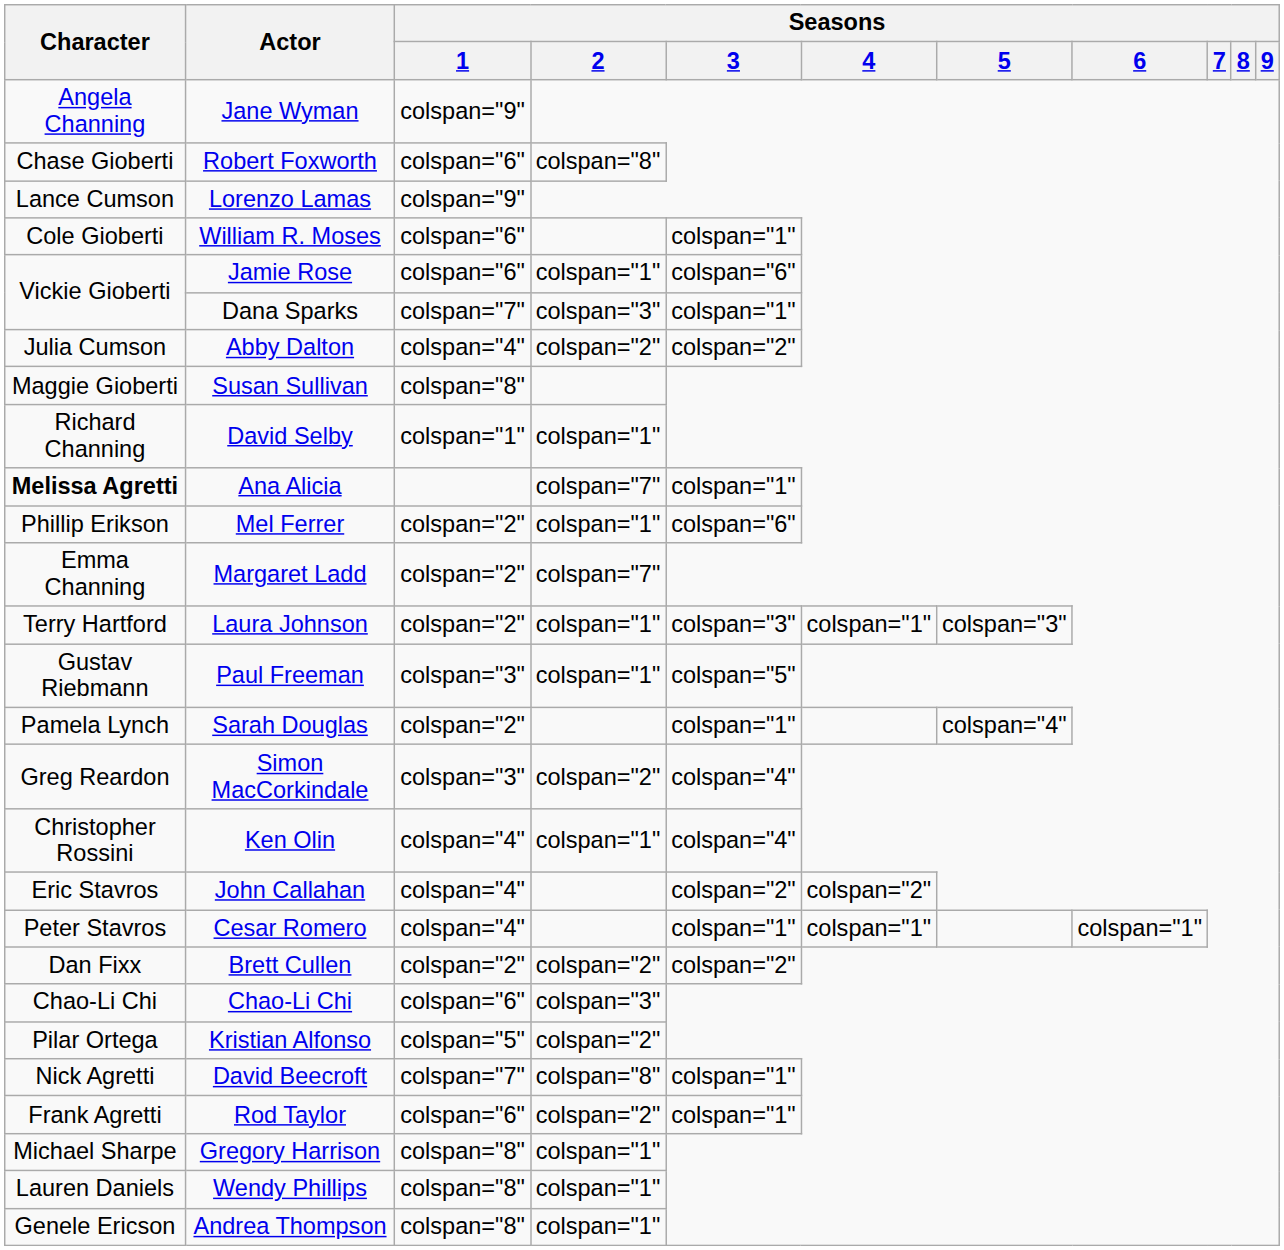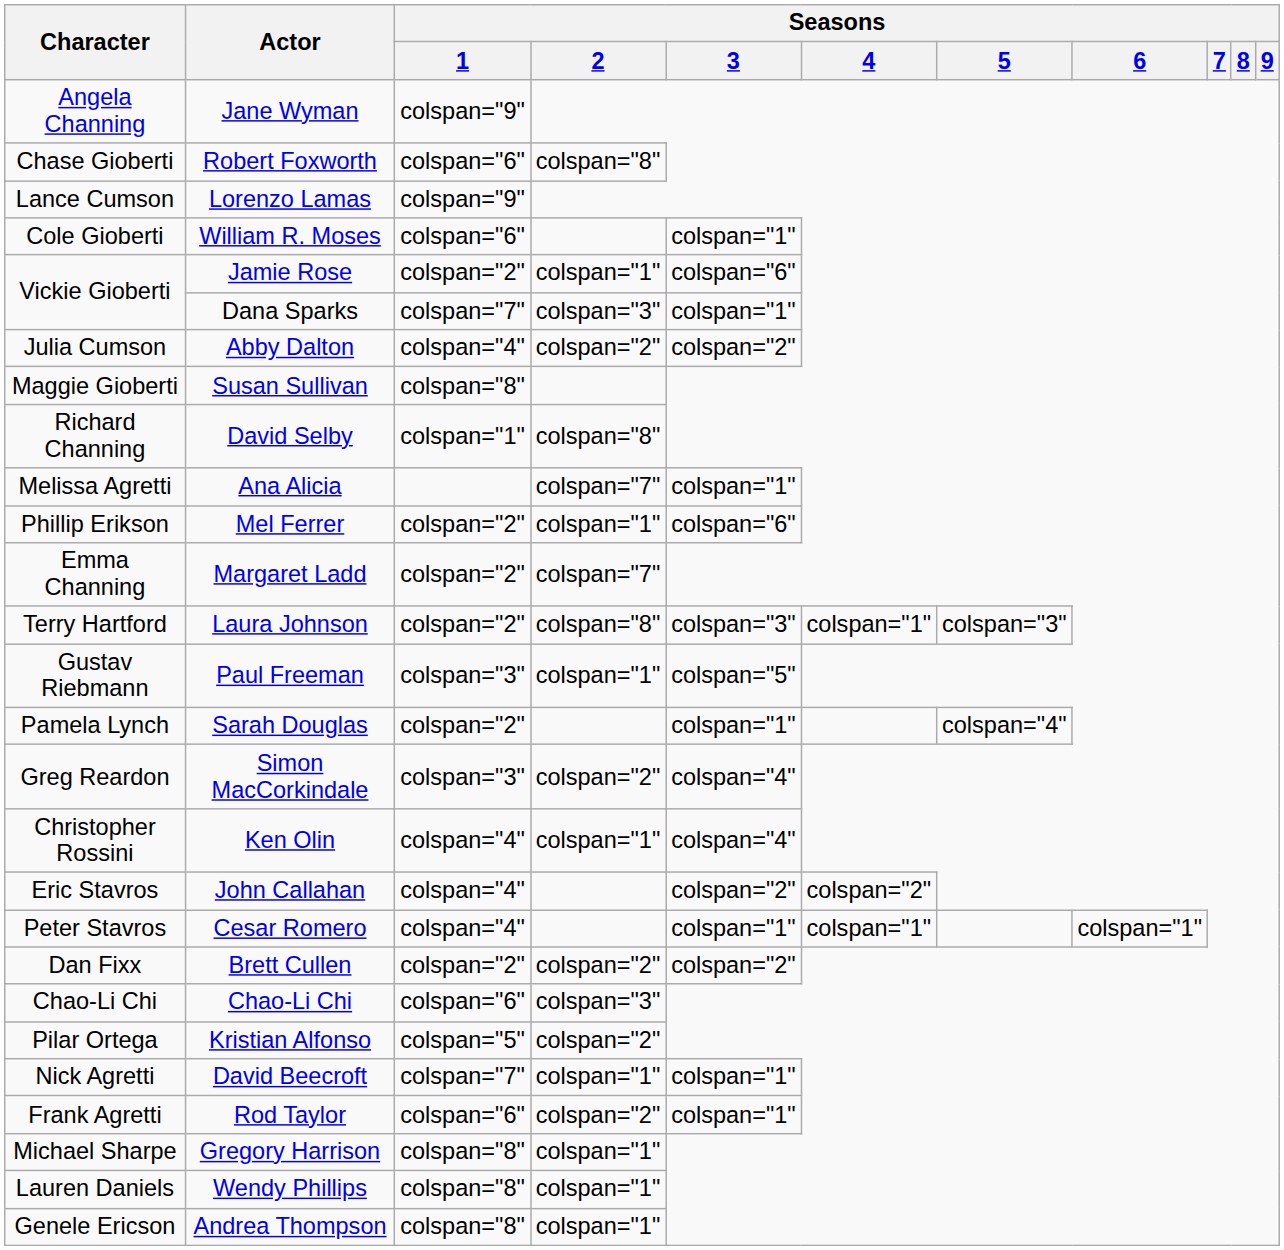 <table class="wikitable sortable" style="text-align:center">
 <tr>
 <th rowspan="2">Character</th>
 <th rowspan="2">Actor</th>
 <th colspan="15">Seasons</th>
 </tr>
 <tr>
 <th><a href='#'>1</a></th>
 <th><a href='#'>2</a></th>
 <th><a href='#'>3</a></th>
 <th><a href='#'>4</a></th>
 <th><a href='#'>5</a></th>
 <th><a href='#'>6</a></th>
 <th><a href='#'>7</a></th>
 <th><a href='#'>8</a></th>
 <th><a href='#'>9</a></th>
 </tr>
 <tr>
 <td><a href='#'>Angela Channing</a></td>
 <td><a href='#'>Jane Wyman</a></td>
 <td>colspan="9" </td>
 </tr>
 <tr>
 <td>Chase Gioberti</td>
 <td><a href='#'>Robert Foxworth</a></td>
 <td>colspan="6" </td>
 <td>colspan="8" </td>
 </tr>
 <tr>
 <td>Lance Cumson</td>
 <td><a href='#'>Lorenzo Lamas</a></td>
 <td>colspan="9" </td>
 </tr>
 <tr>
 <td>Cole Gioberti</td>
 <td><a href='#'>William R. Moses</a></td>
 <td>colspan="6" </td>
 <td></td>
 <td>colspan="1" </td>
 </tr>
 <tr>
 <td rowspan="2">Vickie Gioberti</td>
 <td><a href='#'>Jamie Rose</a></td>
-<td>colspan="6" </td>
+<td>colspan="2" </td>
 <td>colspan="1" </td>
 <td>colspan="6" </td>
 </tr>
 <tr>
 <td>Dana Sparks</td>
 <td>colspan="7" </td>
 <td>colspan="3" </td>
 <td>colspan="1" </td>
 </tr>
 <tr>
 <td>Julia Cumson</td>
 <td><a href='#'>Abby Dalton</a></td>
 <td>colspan="4" </td>
 <td>colspan="2" </td>
 <td>colspan="2" </td>
 </tr>
 <tr>
 <td>Maggie Gioberti</td>
 <td><a href='#'>Susan Sullivan</a></td>
 <td>colspan="8" </td>
 <td></td>
 </tr>
 <tr>
 <td>Richard Channing</td>
 <td><a href='#'>David Selby</a></td>
 <td>colspan="1" </td>
-<td>colspan="1" </td>
+<td>colspan="8" </td>
 </tr>
 <tr>
-<td><strong>Melissa Agretti</strong></td>
+<td>Melissa Agretti</td>
 <td><a href='#'>Ana Alicia</a></td>
 <td></td>
 <td>colspan="7" </td>
 <td>colspan="1" </td>
 </tr>
 <tr>
 <td>Phillip Erikson</td>
 <td><a href='#'>Mel Ferrer</a></td>
 <td>colspan="2" </td>
 <td>colspan="1" </td>
 <td>colspan="6" </td>
 </tr>
 <tr>
 <td>Emma Channing</td>
 <td><a href='#'>Margaret Ladd</a></td>
 <td>colspan="2" </td>
 <td>colspan="7" </td>
 </tr>
 <tr>
 <td>Terry Hartford</td>
 <td><a href='#'>Laura Johnson</a></td>
 <td>colspan="2" </td>
-<td>colspan="1" </td>
+<td>colspan="8" </td>
 <td>colspan="3" </td>
 <td>colspan="1" </td>
 <td>colspan="3" </td>
 </tr>
 <tr>
 <td>Gustav Riebmann</td>
 <td><a href='#'>Paul Freeman</a></td>
 <td>colspan="3" </td>
 <td>colspan="1" </td>
 <td>colspan="5" </td>
 </tr>
 <tr>
 <td>Pamela Lynch</td>
 <td><a href='#'>Sarah Douglas</a></td>
 <td>colspan="2" </td>
 <td></td>
 <td>colspan="1" </td>
 <td></td>
 <td>colspan="4" </td>
 </tr>
 <tr>
 <td>Greg Reardon</td>
 <td><a href='#'>Simon MacCorkindale</a></td>
 <td>colspan="3" </td>
 <td>colspan="2" </td>
 <td>colspan="4" </td>
 </tr>
 <tr>
 <td>Christopher Rossini</td>
 <td><a href='#'>Ken Olin</a></td>
 <td>colspan="4" </td>
 <td>colspan="1" </td>
 <td>colspan="4" </td>
 </tr>
 <tr>
 <td>Eric Stavros</td>
 <td><a href='#'>John Callahan</a></td>
 <td>colspan="4" </td>
 <td></td>
 <td>colspan="2" </td>
 <td>colspan="2" </td>
 </tr>
 <tr>
 <td>Peter Stavros</td>
 <td><a href='#'>Cesar Romero</a></td>
 <td>colspan="4" </td>
 <td></td>
 <td>colspan="1" </td>
 <td>colspan="1" </td>
 <td></td>
 <td>colspan="1" </td>
 </tr>
 <tr>
 <td>Dan Fixx</td>
 <td><a href='#'>Brett Cullen</a></td>
 <td>colspan="2" </td>
 <td>colspan="2" </td>
 <td>colspan="2" </td>
 </tr>
 <tr>
 <td>Chao-Li Chi</td>
 <td><a href='#'>Chao-Li Chi</a></td>
 <td>colspan="6" </td>
 <td>colspan="3" </td>
 </tr>
 <tr>
 <td>Pilar Ortega</td>
 <td><a href='#'>Kristian Alfonso</a></td>
 <td>colspan="5" </td>
 <td>colspan="2" </td>
 </tr>
 <tr>
 <td>Nick Agretti</td>
 <td><a href='#'>David Beecroft</a></td>
 <td>colspan="7" </td>
-<td>colspan="8" </td>
+<td>colspan="1" </td>
 <td>colspan="1" </td>
 </tr>
 <tr>
 <td>Frank Agretti</td>
 <td><a href='#'>Rod Taylor</a></td>
 <td>colspan="6" </td>
 <td>colspan="2" </td>
 <td>colspan="1" </td>
 </tr>
 <tr>
 <td>Michael Sharpe</td>
 <td><a href='#'>Gregory Harrison</a></td>
 <td>colspan="8" </td>
 <td>colspan="1" </td>
 </tr>
 <tr>
 <td>Lauren Daniels</td>
 <td><a href='#'>Wendy Phillips</a></td>
 <td>colspan="8" </td>
 <td>colspan="1" </td>
 </tr>
 <tr>
 <td>Genele Ericson</td>
 <td><a href='#'>Andrea Thompson</a></td>
 <td>colspan="8" </td>
 <td>colspan="1" </td>
 </tr>
 </table>
